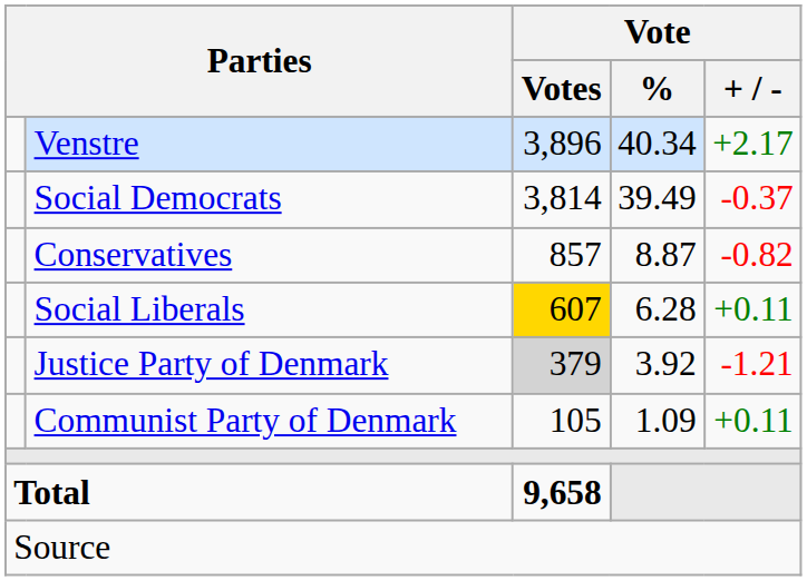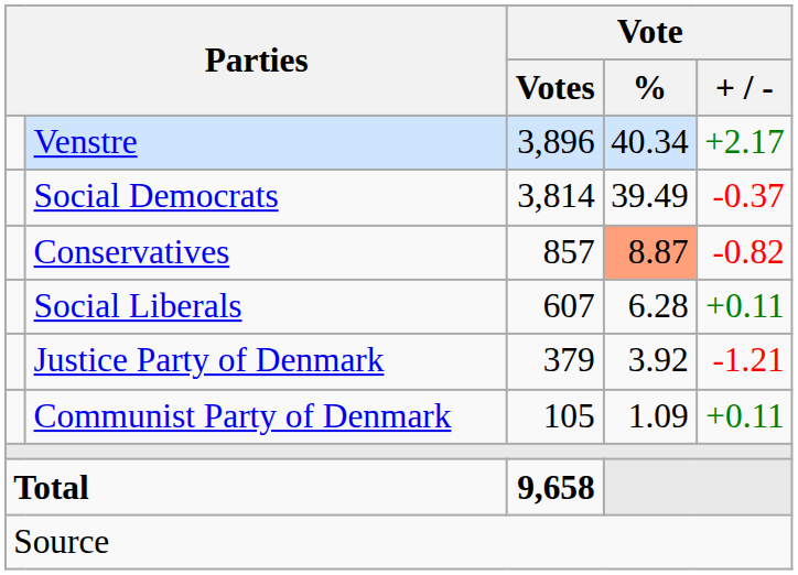 <table class="wikitable" style="text-align:right;">
 <tr>
 <th style="text-align:centre;" rowspan="2" colspan="2" width="225">Parties</th>
 <th colspan="3">Vote</th>
 </tr>
 <tr>
 <th width="15">Votes</th>
 <th width="15">%</th>
 <th width="15">+ / -</th>
 </tr>
 <tr>
 <td width="2" style="color:inherit;background:"></td>
 <td bgcolor=#cfe5fe  align="left"><a href='#'>Venstre</a></td>
 <td bgcolor=#cfe5fe>3,896</td>
 <td bgcolor=#cfe5fe>40.34</td>
 <td style=color:green;>+2.17</td>
 </tr>
 <tr>
 <td width="2" style="color:inherit;background:"></td>
 <td align="left"><a href='#'>Social Democrats</a></td>
 <td>3,814</td>
 <td>39.49</td>
 <td style=color:red;>-0.37</td>
 </tr>
 <tr>
 <td width="2" style="color:inherit;background:"></td>
 <td align="left"><a href='#'>Conservatives</a></td>
 <td>857</td>
-<td>8.87</td>
+<td style="background: lightsalmon;">8.87</td>
 <td style=color:red;>-0.82</td>
 </tr>
 <tr>
 <td width="2" style="color:inherit;background:"></td>
 <td align="left"><a href='#'>Social Liberals</a></td>
-<td style="background: gold;">607</td>
+<td>607</td>
 <td>6.28</td>
 <td style=color:green;>+0.11</td>
 </tr>
 <tr>
 <td width="2" style="color:inherit;background:"></td>
 <td align="left"><a href='#'>Justice Party of Denmark</a></td>
-<td style="background: lightgrey;">379</td>
+<td>379</td>
 <td>3.92</td>
 <td style=color:red;>-1.21</td>
 </tr>
 <tr>
 <td width="2" style="color:inherit;background:"></td>
 <td align="left"><a href='#'>Communist Party of Denmark</a></td>
 <td>105</td>
 <td>1.09</td>
 <td style=color:green;>+0.11</td>
 </tr>
 <tr>
 <td colspan="7" bgcolor="#E9E9E9"></td>
 </tr>
 <tr>
 <td align="left" colspan="2"><strong>Total</strong></td>
 <td><strong>9,658</strong></td>
 <td bgcolor="#E9E9E9" colspan="2"></td>
 </tr>
 <tr>
 <td align="left" colspan="6">Source</td>
 </tr>
 </table>
